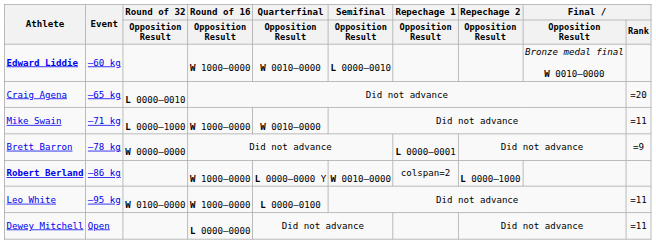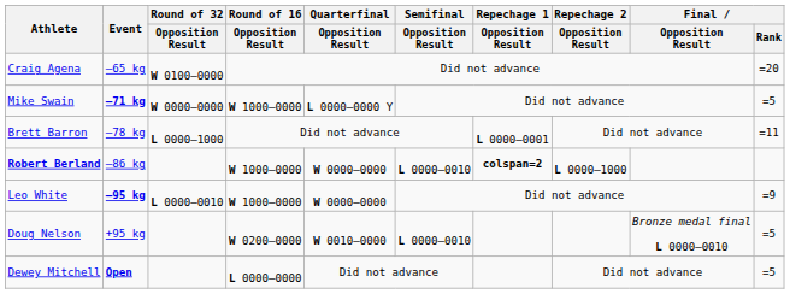 <table class=wikitable style=font-size:90%;text-align:center>
 <tr>
 <th rowspan=2>Athlete</th>
 <th rowspan=2>Event</th>
 <th>Round of 32</th>
 <th>Round of 16</th>
 <th>Quarterfinal</th>
 <th>Semifinal</th>
 <th>Repechage 1</th>
 <th>Repechage 2</th>
 <th colspan=2>Final / </th>
 </tr>
 <tr style=font-size:95%>
 <th>Opposition<br>Result</th>
 <th>Opposition<br>Result</th>
 <th>Opposition<br>Result</th>
 <th>Opposition<br>Result</th>
 <th>Opposition<br>Result</th>
 <th>Opposition<br>Result</th>
 <th>Opposition<br>Result</th>
 <th>Rank</th>
 </tr>
 <tr>
-<td align=left><strong><a href='#'>Edward Liddie</a></strong></td>
-<td align=left><a href='#'>–60 kg</a></td>
-<td></td>
-<td><br><strong>W</strong> 1000–0000</td>
-<td><br><strong>W</strong> 0010–0000</td>
-<td><br><strong>L</strong> 0000–0010</td>
-<td></td>
-<td></td>
-<td><em>Bronze medal final</em><br><br><strong>W</strong> 0010–0000</td>
-<td></td>
-</tr>
-<tr>
 <td align=left><a href='#'>Craig Agena</a></td>
 <td align=left><a href='#'>–65 kg</a></td>
-<td><br><strong>L</strong> 0000–0010</td>
+<td><br><strong>W</strong> 0100–0000</td>
 <td colspan=6>Did not advance</td>
 <td>=20</td>
 </tr>
 <tr>
 <td align=left><a href='#'>Mike Swain</a></td>
-<td align=left><a href='#'>–71 kg</a></td>
-<td><br><strong>L</strong> 0000–1000</td>
+<td align=left><strong><a href='#'>–71 kg</a></strong></td>
+<td><br><strong>W</strong> 0000–0000 </td>
 <td><br><strong>W</strong> 1000–0000</td>
-<td><br><strong>W</strong> 0010–0000</td>
+<td><br><strong>L</strong> 0000–0000 Y</td>
 <td colspan=4>Did not advance</td>
-<td>=11</td>
+<td>=5</td>
 </tr>
 <tr>
 <td align=left><a href='#'>Brett Barron</a></td>
 <td align=left><a href='#'>–78 kg</a></td>
-<td><br><strong>W</strong> 0000–0000 </td>
+<td><br><strong>L</strong> 0000–1000</td>
 <td colspan=3>Did not advance</td>
 <td><br><strong>L</strong> 0000–0001</td>
 <td colspan=2>Did not advance</td>
-<td>=9</td>
+<td>=11</td>
 </tr>
 <tr>
 <td align=left><strong><a href='#'>Robert Berland</a></strong></td>
 <td align=left><a href='#'>–86 kg</a></td>
 <td></td>
 <td><br><strong>W</strong> 1000–0000</td>
-<td><br><strong>L</strong> 0000–0000 Y</td>
-<td><br><strong>W</strong> 0010–0000</td>
-<td>colspan=2 </td>
+<td><br><strong>W</strong> 0000–0000 </td>
+<td><br><strong>L</strong> 0000–0010</td>
+<td><strong>colspan=2 </strong></td>
 <td><br><strong>L</strong> 0000–1000</td>
 <td></td>
 </tr>
 <tr>
 <td align=left><a href='#'>Leo White</a></td>
-<td align=left><a href='#'>–95 kg</a></td>
-<td><br><strong>W</strong> 0100–0000</td>
+<td align=left><strong><a href='#'>–95 kg</a></strong></td>
+<td><br><strong>L</strong> 0000–0010</td>
 <td><br><strong>W</strong> 1000–0000</td>
-<td><br><strong>L</strong> 0000–0100</td>
+<td><br><strong>W</strong> 0000–0000 </td>
 <td colspan=4>Did not advance</td>
-<td>=11</td>
+<td>=9</td>
+</tr>
+<tr>
+<td align=left><a href='#'>Doug Nelson</a></td>
+<td align=left><a href='#'>+95 kg</a></td>
+<td></td>
+<td><br><strong>W</strong> 0200–0000</td>
+<td><br><strong>W</strong> 0010–0000</td>
+<td><br><strong>L</strong> 0000–0010</td>
+<td></td>
+<td></td>
+<td><em>Bronze medal final</em><br><br><strong>L</strong> 0000–0010</td>
+<td>=5</td>
 </tr>
 <tr>
 <td align=left><a href='#'>Dewey Mitchell</a></td>
-<td align=left><a href='#'>Open</a></td>
+<td align=left><strong><a href='#'>Open</a></strong></td>
 <td></td>
 <td><br><strong>L</strong> 0000–0000 </td>
 <td colspan=2>Did not advance</td>
 <td></td>
 <td colspan=2>Did not advance</td>
-<td>=11</td>
+<td>=5</td>
 </tr>
 </table>
